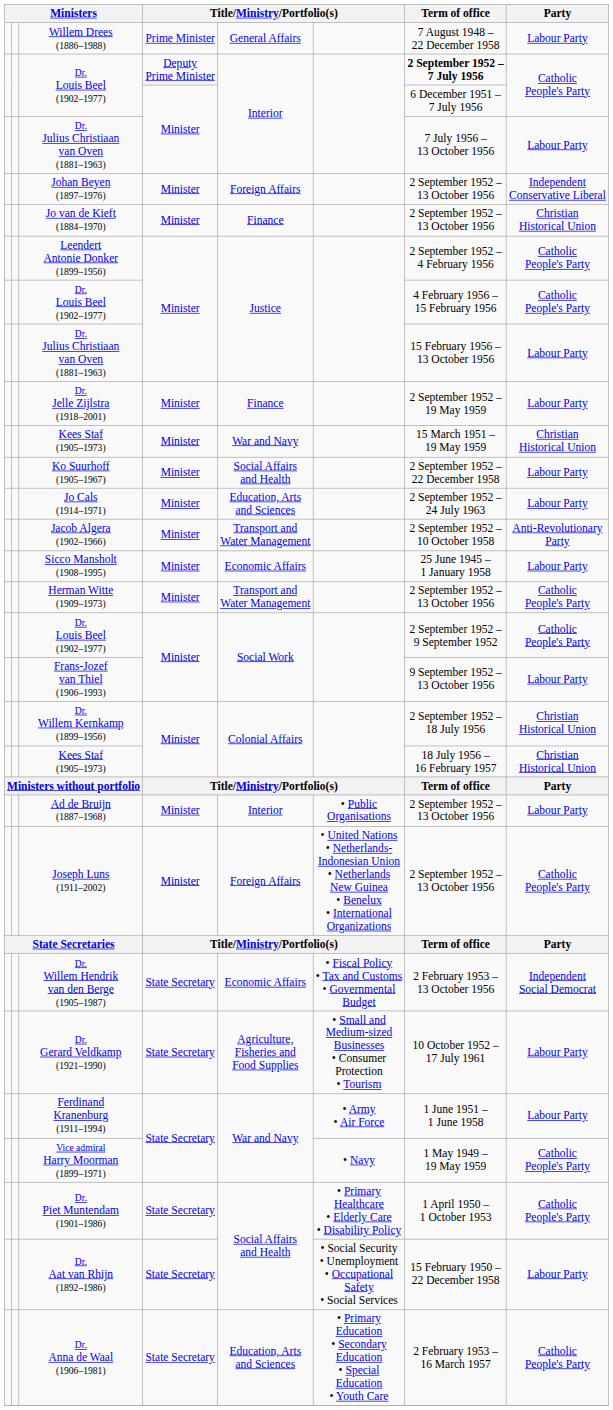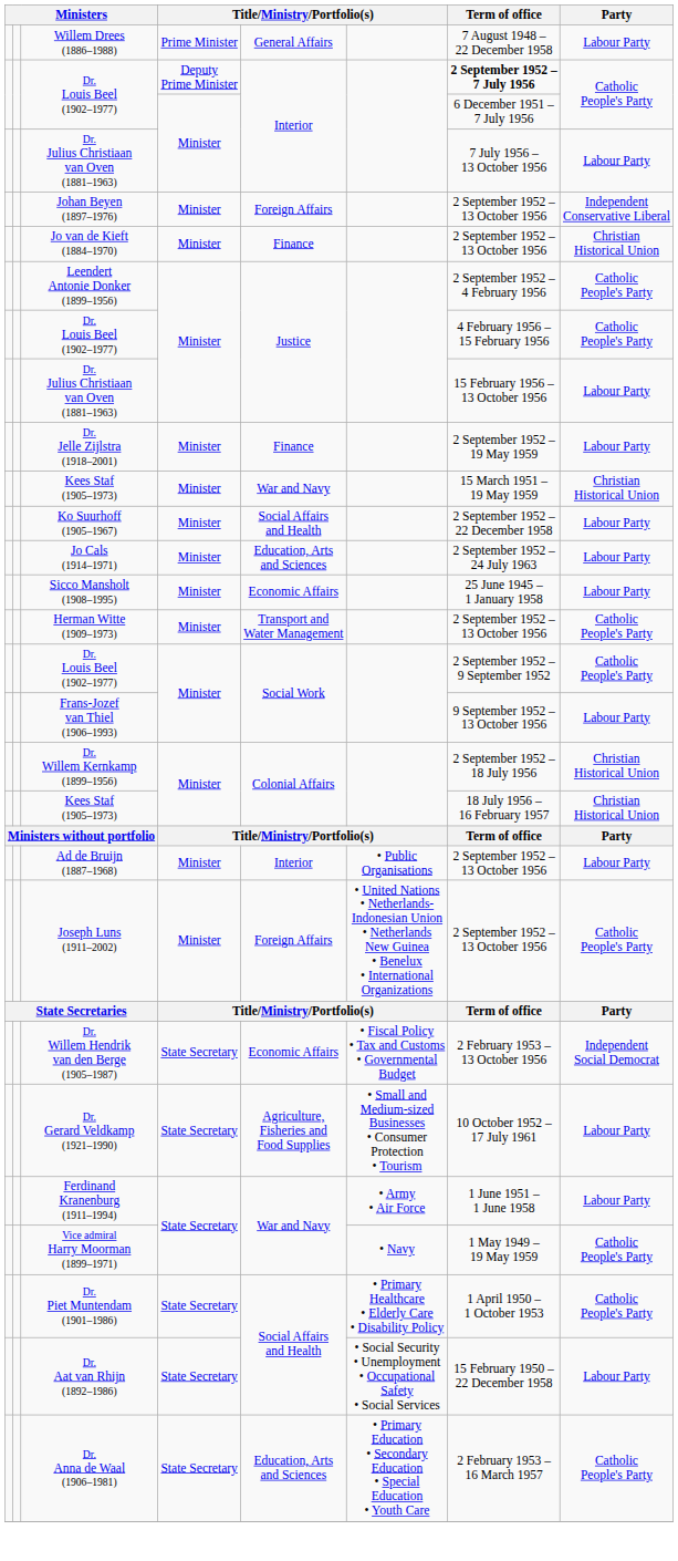 <table class="wikitable" style="text-align:center">
 <tr>
 <th colspan=3><a href='#'>Ministers</a></th>
 <th colspan=3>Title/<a href='#'>Ministry</a>/Portfolio(s)</th>
 <th>Term of office</th>
 <th>Party</th>
 </tr>
 <tr>
 <td style="background:"></td>
 <td></td>
 <td><a href='#'>Willem Drees</a> <br> <small>(1886–1988)</small></td>
 <td><a href='#'>Prime Minister</a></td>
 <td><a href='#'>General Affairs</a></td>
 <td></td>
 <td>7 August 1948 – <br> 22 December 1958 <br>  </td>
 <td><a href='#'>Labour Party</a></td>
 </tr>
 <tr>
 <td rowspan=2 style="background:"></td>
 <td rowspan=2></td>
 <td rowspan=2><small><a href='#'>Dr.</a></small> <br> <a href='#'>Louis Beel</a> <br> <small>(1902–1977)</small></td>
 <td><a href='#'>Deputy <br> Prime Minister</a></td>
 <td rowspan=3><a href='#'>Interior</a></td>
 <td rowspan=3></td>
 <td><strong>2 September 1952 – <br> 7 July 1956 <br> </strong></td>
 <td rowspan=2><a href='#'>Catholic <br> People's Party</a></td>
 </tr>
 <tr>
 <td rowspan=2><a href='#'>Minister</a></td>
 <td>6 December 1951 – <br> 7 July 1956 <br>  </td>
 </tr>
 <tr>
 <td style="background:"></td>
 <td></td>
 <td><small><a href='#'>Dr.</a></small> <br> <a href='#'>Julius Christiaan <br> van Oven</a> <br> <small>(1881–1963)</small></td>
 <td>7 July 1956 – <br> 13 October 1956 <br> </td>
 <td><a href='#'>Labour Party</a></td>
 </tr>
 <tr>
 <td style="background:"></td>
 <td></td>
 <td><a href='#'>Johan Beyen</a> <br> <small>(1897–1976)</small></td>
 <td><a href='#'>Minister</a></td>
 <td><a href='#'>Foreign Affairs</a></td>
 <td></td>
 <td>2 September 1952 – <br> 13 October 1956</td>
 <td><a href='#'>Independent</a> <br> <a href='#'>Conservative Liberal</a></td>
 </tr>
 <tr>
 <td style="background:"></td>
 <td></td>
 <td><a href='#'>Jo van de Kieft</a> <br> <small>(1884–1970)</small></td>
 <td><a href='#'>Minister</a></td>
 <td><a href='#'>Finance</a></td>
 <td></td>
 <td>2 September 1952 – <br> 13 October 1956</td>
 <td><a href='#'>Christian <br> Historical Union</a></td>
 </tr>
 <tr>
 <td style="background:"></td>
 <td></td>
 <td><a href='#'>Leendert <br> Antonie Donker</a> <br> <small>(1899–1956)</small></td>
 <td rowspan=3><a href='#'>Minister</a></td>
 <td rowspan=3><a href='#'>Justice</a></td>
 <td rowspan=3></td>
 <td>2 September 1952 – <br> 4 February 1956 <br> </td>
 <td><a href='#'>Catholic <br> People's Party</a></td>
 </tr>
 <tr>
 <td style="background:"></td>
 <td></td>
 <td><small><a href='#'>Dr.</a></small> <br> <a href='#'>Louis Beel</a> <br> <small>(1902–1977)</small></td>
 <td>4 February 1956 – <br> 15 February 1956 <br> </td>
 <td><a href='#'>Catholic <br> People's Party</a></td>
 </tr>
 <tr>
 <td style="background:"></td>
 <td></td>
 <td><small><a href='#'>Dr.</a></small> <br> <a href='#'>Julius Christiaan <br> van Oven</a> <br> <small>(1881–1963)</small></td>
 <td>15 February 1956 – <br> 13 October 1956</td>
 <td><a href='#'>Labour Party</a></td>
 </tr>
 <tr>
 <td style="background:"></td>
 <td></td>
 <td><small><a href='#'>Dr.</a></small> <br> <a href='#'>Jelle Zijlstra</a> <br> <small>(1918–2001)</small></td>
 <td><a href='#'>Minister</a></td>
 <td><a href='#'>Finance</a></td>
 <td></td>
 <td>2 September 1952 – <br> 19 May 1959 <br> </td>
 <td><a href='#'>Labour Party</a></td>
 </tr>
 <tr>
 <td style="background:"></td>
 <td></td>
 <td><a href='#'>Kees Staf</a> <br> <small>(1905–1973)</small></td>
 <td><a href='#'>Minister</a></td>
 <td><a href='#'>War and Navy</a></td>
 <td></td>
 <td>15 March 1951 – <br> 19 May 1959 <br>  </td>
 <td><a href='#'>Christian <br> Historical Union</a></td>
 </tr>
 <tr>
 <td style="background:"></td>
 <td></td>
 <td><a href='#'>Ko Suurhoff</a> <br> <small>(1905–1967)</small></td>
 <td><a href='#'>Minister</a></td>
 <td><a href='#'>Social Affairs</a> <br> <a href='#'>and Health</a></td>
 <td></td>
 <td>2 September 1952 – <br> 22 December 1958 <br> </td>
 <td><a href='#'>Labour Party</a></td>
 </tr>
 <tr>
 <td style="background:"></td>
 <td></td>
 <td><a href='#'>Jo Cals</a> <br> <small>(1914–1971)</small></td>
 <td><a href='#'>Minister</a></td>
 <td><a href='#'>Education, Arts <br> and Sciences</a></td>
 <td></td>
 <td>2 September 1952 – <br> 24 July 1963 <br> </td>
 <td><a href='#'>Labour Party</a></td>
-</tr>
-<tr>
-<td style="background:"></td>
-<td></td>
-<td><a href='#'>Jacob Algera</a> <br> <small>(1902–1966)</small></td>
-<td><a href='#'>Minister</a></td>
-<td><a href='#'>Transport and <br> Water Management</a></td>
-<td></td>
-<td>2 September 1952 – <br> 10 October 1958 <br> </td>
-<td><a href='#'>Anti-Revolutionary <br> Party</a></td>
 </tr>
 <tr>
 <td style="background:"></td>
 <td></td>
 <td><a href='#'>Sicco Mansholt</a> <br> <small>(1908–1995)</small></td>
 <td><a href='#'>Minister</a></td>
 <td><a href='#'>Economic Affairs</a></td>
 <td></td>
 <td>25 June 1945 – <br> 1 January 1958 <br>  </td>
 <td><a href='#'>Labour Party</a></td>
 </tr>
 <tr>
 <td style="background:"></td>
 <td></td>
 <td><a href='#'>Herman Witte</a> <br> <small>(1909–1973)</small></td>
 <td><a href='#'>Minister</a></td>
 <td><a href='#'>Transport and <br> Water Management</a></td>
 <td></td>
 <td>2 September 1952 – <br> 13 October 1956</td>
 <td><a href='#'>Catholic <br> People's Party</a></td>
 </tr>
 <tr>
 <td style="background:"></td>
 <td></td>
 <td><small><a href='#'>Dr.</a></small> <br> <a href='#'>Louis Beel</a> <br> <small>(1902–1977)</small></td>
 <td rowspan=2><a href='#'>Minister</a></td>
 <td rowspan=2><a href='#'>Social Work</a></td>
 <td rowspan=2></td>
 <td>2 September 1952 – <br> 9 September 1952 <br> </td>
 <td><a href='#'>Catholic <br> People's Party</a></td>
 </tr>
 <tr>
 <td style="background:"></td>
 <td></td>
 <td><a href='#'>Frans-Jozef <br> van Thiel</a> <br> <small>(1906–1993)</small></td>
 <td>9 September 1952 – <br> 13 October 1956</td>
 <td><a href='#'>Labour Party</a></td>
 </tr>
 <tr>
 <td style="background:"></td>
 <td></td>
 <td><small><a href='#'>Dr.</a></small> <br> <a href='#'>Willem Kernkamp</a> <br> <small>(1899–1956)</small></td>
 <td rowspan=2><a href='#'>Minister</a></td>
 <td rowspan=2><a href='#'>Colonial Affairs</a></td>
 <td rowspan=2></td>
 <td>2 September 1952 – <br> 18 July 1956 <br> </td>
 <td><a href='#'>Christian <br> Historical Union</a></td>
 </tr>
 <tr>
 <td style="background:"></td>
 <td></td>
 <td><a href='#'>Kees Staf</a> <br> <small>(1905–1973)</small></td>
 <td>18 July 1956 – <br> 16 February 1957 <br>  </td>
 <td><a href='#'>Christian <br> Historical Union</a></td>
 </tr>
 <tr>
 <th colspan=3><a href='#'>Ministers without portfolio</a></th>
 <th colspan=3>Title/<a href='#'>Ministry</a>/Portfolio(s)</th>
 <th>Term of office</th>
 <th>Party</th>
 </tr>
 <tr>
 <td style="background:"></td>
 <td></td>
 <td><a href='#'>Ad de Bruijn</a> <br> <small>(1887–1968)</small></td>
 <td><a href='#'>Minister</a></td>
 <td><a href='#'>Interior</a></td>
 <td>• <a href='#'>Public <br> Organisations</a></td>
 <td>2 September 1952 – <br> 13 October 1956</td>
 <td><a href='#'>Labour Party</a></td>
 </tr>
 <tr>
 <td style="background:"></td>
 <td></td>
 <td><a href='#'>Joseph Luns</a> <br> <small>(1911–2002)</small></td>
 <td><a href='#'>Minister</a></td>
 <td><a href='#'>Foreign Affairs</a></td>
 <td>• <a href='#'>United Nations</a> <br> • <a href='#'>Netherlands-<br>Indonesian Union</a> <br> • <a href='#'>Netherlands <br> New Guinea</a> <br> • <a href='#'>Benelux</a> <br> • <a href='#'>International <br> Organizations</a></td>
 <td>2 September 1952 – <br> 13 October 1956</td>
 <td><a href='#'>Catholic <br> People's Party</a></td>
 </tr>
 <tr>
 <th colspan=3><a href='#'>State Secretaries</a></th>
 <th colspan=3>Title/<a href='#'>Ministry</a>/Portfolio(s)</th>
 <th>Term of office</th>
 <th>Party</th>
 </tr>
 <tr>
 <td style="background:"></td>
 <td></td>
 <td><small><a href='#'>Dr.</a></small> <br> <a href='#'>Willem Hendrik <br> van den Berge</a> <br> <small>(1905–1987)</small></td>
 <td><a href='#'>State Secretary</a></td>
 <td><a href='#'>Economic Affairs</a></td>
 <td>• <a href='#'>Fiscal Policy</a> <br> • <a href='#'>Tax and Customs</a> <br> • <a href='#'>Governmental <br> Budget</a></td>
 <td>2 February 1953 – <br> 13 October 1956</td>
 <td><a href='#'>Independent</a> <br> <a href='#'>Social Democrat</a></td>
 </tr>
 <tr>
 <td style="background:"></td>
 <td></td>
 <td><small><a href='#'>Dr.</a></small> <br> <a href='#'>Gerard Veldkamp</a> <br> <small>(1921–1990)</small></td>
 <td><a href='#'>State Secretary</a></td>
 <td><a href='#'>Agriculture, <br> Fisheries and <br> Food Supplies</a></td>
 <td>• <a href='#'>Small and <br> Medium-sized <br> Businesses</a> <br> • Consumer <br> Protection <br> • <a href='#'>Tourism</a></td>
 <td>10 October 1952 – <br> 17 July 1961 <br> </td>
 <td><a href='#'>Labour Party</a></td>
 </tr>
 <tr>
 <td style="background:"></td>
 <td></td>
 <td><a href='#'>Ferdinand <br> Kranenburg</a> <br> <small>(1911–1994)</small></td>
 <td rowspan=2><a href='#'>State Secretary</a></td>
 <td rowspan=2><a href='#'>War and Navy</a></td>
 <td>• <a href='#'>Army</a> <br> • <a href='#'>Air Force</a></td>
 <td>1 June 1951 – <br> 1 June 1958 <br>  </td>
 <td><a href='#'>Labour Party</a></td>
 </tr>
 <tr>
 <td style="background:"></td>
 <td></td>
 <td><small><a href='#'>Vice admiral</a></small> <br> <a href='#'>Harry Moorman</a> <br> <small>(1899–1971)</small></td>
 <td>• <a href='#'>Navy</a></td>
 <td>1 May 1949 – <br> 19 May 1959 <br>  </td>
 <td><a href='#'>Catholic <br> People's Party</a></td>
 </tr>
 <tr>
 <td style="background:"></td>
 <td></td>
 <td><small><a href='#'>Dr.</a></small> <br> <a href='#'>Piet Muntendam</a> <br> <small>(1901–1986)</small></td>
 <td><a href='#'>State Secretary</a></td>
 <td rowspan=2><a href='#'>Social Affairs</a> <br> <a href='#'>and Health</a></td>
 <td>• <a href='#'>Primary <br> Healthcare</a> <br> • <a href='#'>Elderly Care</a> <br> • <a href='#'>Disability Policy</a></td>
 <td>1 April 1950 – <br> 1 October 1953 <br>  </td>
 <td><a href='#'>Catholic <br> People's Party</a></td>
 </tr>
 <tr>
 <td style="background:"></td>
 <td></td>
 <td><small><a href='#'>Dr.</a></small> <br> <a href='#'>Aat van Rhijn</a> <br> <small>(1892–1986)</small></td>
 <td><a href='#'>State Secretary</a></td>
 <td>• Social Security <br> • Unemployment <br> • <a href='#'>Occupational <br> Safety</a> <br> • Social Services</td>
 <td>15 February 1950 – <br> 22 December 1958 <br>  </td>
 <td><a href='#'>Labour Party</a></td>
 </tr>
 <tr>
 <td style="background:"></td>
 <td></td>
 <td><small><a href='#'>Dr.</a></small> <br> <a href='#'>Anna de Waal</a> <br> <small>(1906–1981)</small></td>
 <td><a href='#'>State Secretary</a></td>
 <td><a href='#'>Education, Arts <br> and Sciences</a></td>
 <td>• <a href='#'>Primary <br> Education</a> <br> • <a href='#'>Secondary <br> Education</a> <br> • <a href='#'>Special <br> Education</a> <br> • <a href='#'>Youth Care</a></td>
 <td>2 February 1953 – <br> 16 March 1957 <br> </td>
 <td><a href='#'>Catholic <br> People's Party</a></td>
 </tr>
 <tr>
 </tr>
 </table>
